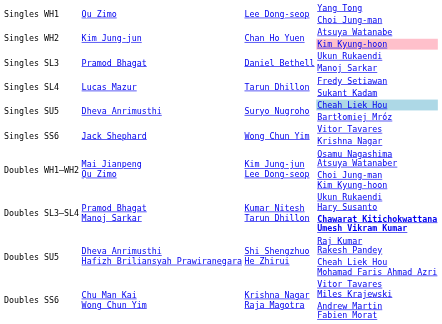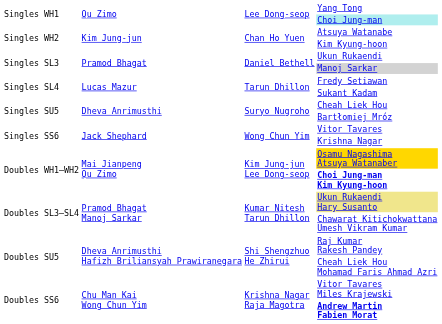 <table>
 <tr>
 <td rowspan="2">Singles WH1<br></td>
 <td rowspan="2"> <a href='#'>Qu Zimo</a></td>
 <td rowspan="2"> <a href='#'>Lee Dong-seop</a></td>
 <td> <a href='#'>Yang Tong</a></td>
 </tr>
 <tr>
-<td> <a href='#'>Choi Jung-man</a></td>
+<td style="background: paleturquoise;"> <a href='#'>Choi Jung-man</a></td>
 </tr>
 <tr>
 <td rowspan="2">Singles WH2<br></td>
 <td rowspan="2"> <a href='#'>Kim Jung-jun</a></td>
 <td rowspan="2"> <a href='#'>Chan Ho Yuen</a></td>
 <td> <a href='#'>Atsuya Watanabe</a></td>
 </tr>
 <tr>
-<td style="background: pink;"> <a href='#'>Kim Kyung-hoon</a></td>
+<td> <a href='#'>Kim Kyung-hoon</a></td>
 </tr>
 <tr>
 <td rowspan="2">Singles SL3<br></td>
 <td rowspan="2"> <a href='#'>Pramod Bhagat</a></td>
 <td rowspan="2"> <a href='#'>Daniel Bethell</a></td>
 <td> <a href='#'>Ukun Rukaendi</a></td>
 </tr>
 <tr>
-<td> <a href='#'>Manoj Sarkar</a></td>
+<td style="background: lightgrey;"> <a href='#'>Manoj Sarkar</a></td>
 </tr>
 <tr>
 <td rowspan="2">Singles SL4<br></td>
 <td rowspan="2"> <a href='#'>Lucas Mazur</a></td>
 <td rowspan="2"> <a href='#'>Tarun Dhillon</a></td>
 <td> <a href='#'>Fredy Setiawan</a></td>
 </tr>
 <tr>
 <td> <a href='#'>Sukant Kadam</a></td>
 </tr>
 <tr>
 <td rowspan="2">Singles SU5<br></td>
 <td rowspan="2"> <a href='#'>Dheva Anrimusthi</a></td>
 <td rowspan="2"> <a href='#'>Suryo Nugroho</a></td>
-<td style="background: lightblue;"> <a href='#'>Cheah Liek Hou</a></td>
+<td> <a href='#'>Cheah Liek Hou</a></td>
 </tr>
 <tr>
 <td> <a href='#'>Bartłomiej Mróz</a></td>
 </tr>
 <tr>
 <td rowspan="2">Singles SS6<br></td>
 <td rowspan="2"> <a href='#'>Jack Shephard</a></td>
 <td rowspan="2"> <a href='#'>Wong Chun Yim</a></td>
 <td> <a href='#'>Vitor Tavares</a></td>
 </tr>
 <tr>
 <td> <a href='#'>Krishna Nagar</a></td>
 </tr>
 <tr>
 <td rowspan="2">Doubles WH1–WH2<br></td>
 <td rowspan="2"> <a href='#'>Mai Jianpeng</a><br> <a href='#'>Qu Zimo</a></td>
 <td rowspan="2"> <a href='#'>Kim Jung-jun</a><br> <a href='#'>Lee Dong-seop</a></td>
-<td> <a href='#'>Osamu Nagashima</a><br> <a href='#'>Atsuya Watanaber</a></td>
+<td style="background: gold;"> <a href='#'>Osamu Nagashima</a><br> <a href='#'>Atsuya Watanaber</a></td>
 </tr>
 <tr>
-<td> <a href='#'>Choi Jung-man</a><br> <a href='#'>Kim Kyung-hoon</a></td>
+<td><strong> <a href='#'>Choi Jung-man</a><br> <a href='#'>Kim Kyung-hoon</a></strong></td>
 </tr>
 <tr>
 <td rowspan="2">Doubles SL3–SL4<br></td>
 <td rowspan="2"> <a href='#'>Pramod Bhagat</a><br> <a href='#'>Manoj Sarkar</a></td>
 <td rowspan="2"> <a href='#'>Kumar Nitesh</a><br> <a href='#'>Tarun Dhillon</a></td>
-<td> <a href='#'>Ukun Rukaendi</a><br> <a href='#'>Hary Susanto</a></td>
+<td style="background: khaki;"> <a href='#'>Ukun Rukaendi</a><br> <a href='#'>Hary Susanto</a></td>
 </tr>
 <tr>
-<td><strong> <a href='#'>Chawarat Kitichokwattana</a><br> <a href='#'>Umesh Vikram Kumar</a></strong></td>
+<td> <a href='#'>Chawarat Kitichokwattana</a><br> <a href='#'>Umesh Vikram Kumar</a></td>
 </tr>
 <tr>
 <td rowspan="2">Doubles SU5<br></td>
 <td rowspan="2"> <a href='#'>Dheva Anrimusthi</a><br> <a href='#'>Hafizh Briliansyah Prawiranegara</a></td>
 <td rowspan="2"> <a href='#'>Shi Shengzhuo</a><br> <a href='#'>He Zhirui</a></td>
 <td> <a href='#'>Raj Kumar</a><br> <a href='#'>Rakesh Pandey</a></td>
 </tr>
 <tr>
 <td> <a href='#'>Cheah Liek Hou</a><br> <a href='#'>Mohamad Faris Ahmad Azri</a></td>
 </tr>
 <tr>
 <td rowspan="2">Doubles SS6<br></td>
 <td rowspan="2"> <a href='#'>Chu Man Kai</a><br> <a href='#'>Wong Chun Yim</a></td>
 <td rowspan="2"> <a href='#'>Krishna Nagar</a><br> <a href='#'>Raja Magotra</a></td>
 <td> <a href='#'>Vitor Tavares</a><br> <a href='#'>Miles Krajewski</a></td>
 </tr>
 <tr>
-<td> <a href='#'>Andrew Martin</a><br> <a href='#'>Fabien Morat</a></td>
+<td><strong> <a href='#'>Andrew Martin</a><br> <a href='#'>Fabien Morat</a></strong></td>
 </tr>
 </table>
